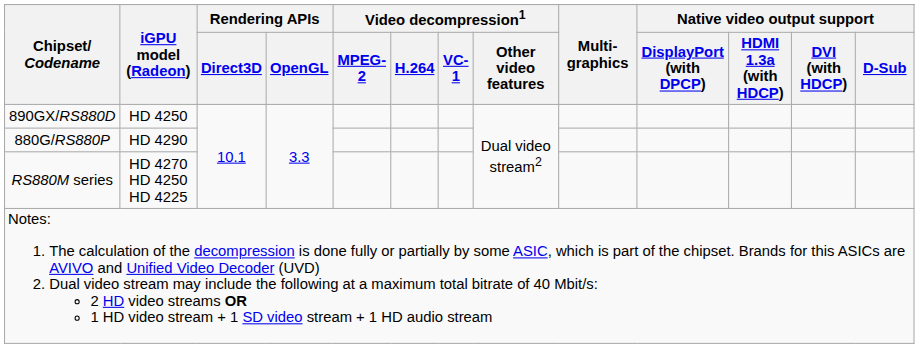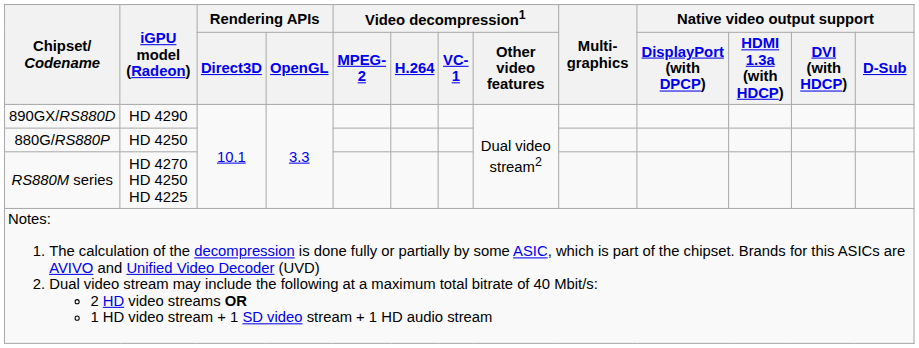 <table class="wikitable" style="margin:1em auto; font-size:90%;text-align:center;">
 <tr>
 </tr>
 <tr>
 <th rowspan="2">Chipset/<br><em>Codename</em></th>
 <th rowspan="2"><a href='#'>iGPU</a> model<br>(<a href='#'>Radeon</a>)</th>
 <th colspan="2">Rendering APIs</th>
 <th colspan="4">Video decompression<sup>1</sup></th>
 <th rowspan="2">Multi-graphics</th>
 <th colspan="4">Native video output support</th>
 </tr>
 <tr>
 <th><a href='#'>Direct3D</a></th>
 <th><a href='#'>OpenGL</a></th>
 <th><a href='#'>MPEG-2</a></th>
 <th><a href='#'>H.264</a></th>
 <th><a href='#'>VC-1</a></th>
 <th>Other video features</th>
 <th><a href='#'>DisplayPort</a> <br>(with <a href='#'>DPCP</a>)</th>
 <th><a href='#'>HDMI 1.3a</a> <br>(with <a href='#'>HDCP</a>)</th>
 <th><a href='#'>DVI</a> <br>(with <a href='#'>HDCP</a>)</th>
 <th width=50px><a href='#'>D-Sub</a></th>
 </tr>
 <tr>
 <td>890GX/<em>RS880D</em></td>
-<td>HD 4250</td>
+<td>HD 4290</td>
 <td rowspan=3><a href='#'>10.1</a></td>
 <td rowspan=3><a href='#'>3.3</a></td>
 <td></td>
 <td></td>
 <td></td>
 <td style="background-color:#f9f9f9;" rowspan=3>Dual video stream<sup>2</sup></td>
 <td></td>
 <td></td>
 <td></td>
 <td></td>
 <td></td>
 </tr>
 <tr>
 <td>880G/<em>RS880P</em></td>
-<td>HD 4290</td>
+<td>HD 4250</td>
 <td></td>
 <td></td>
 <td></td>
 <td></td>
 <td></td>
 <td></td>
 <td></td>
 <td></td>
 </tr>
 <tr>
 <td style="valign:center;"><em>RS880M</em> series</td>
 <td>HD 4270<br>HD 4250<br>HD 4225</td>
 <td></td>
 <td></td>
 <td></td>
 <td></td>
 <td></td>
 <td></td>
 <td></td>
 <td></td>
 </tr>
 <tr>
 <td colspan=15 align="left">Notes:<br><ol><li>The calculation of the <a href='#'>decompression</a> is done fully or partially by some <a href='#'>ASIC</a>, which is part of the chipset. Brands for this ASICs are <a href='#'>AVIVO</a> and <a href='#'>Unified Video Decoder</a> (UVD)</li><li>Dual video stream may include the following at a maximum total bitrate of 40 Mbit/s:<ul><li>2 <a href='#'>HD</a> video streams <strong>OR</strong></li><li>1 HD video stream + 1 <a href='#'>SD video</a> stream + 1 HD audio stream</li></ul></li></ol></td>
 </tr>
 </table>
